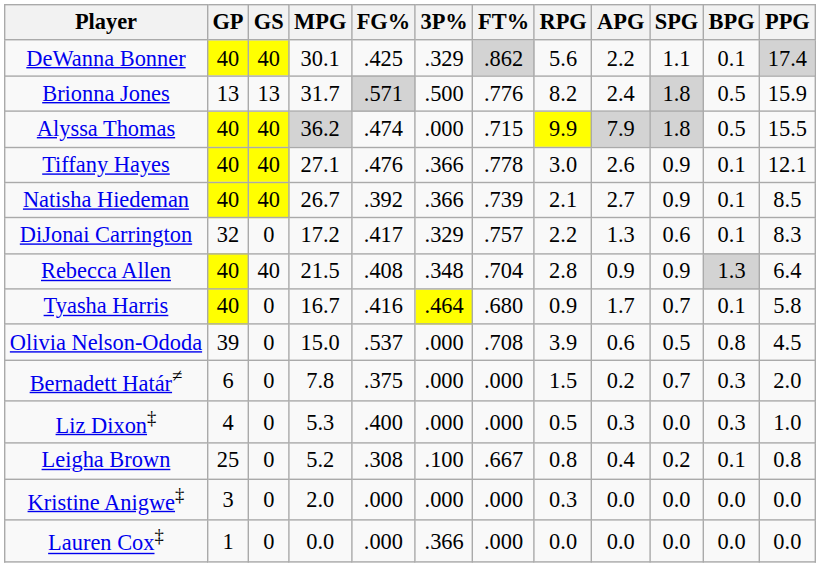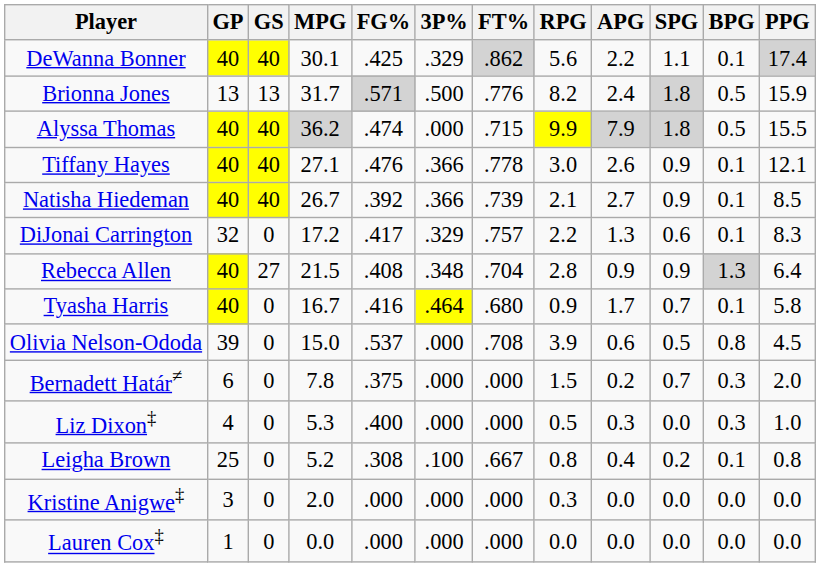 <table class="wikitable sortable" style="text-align:center;">
 <tr>
 <th>Player</th>
 <th>GP</th>
 <th>GS</th>
 <th>MPG</th>
 <th>FG%</th>
 <th>3P%</th>
 <th>FT%</th>
 <th>RPG</th>
 <th>APG</th>
 <th>SPG</th>
 <th>BPG</th>
 <th>PPG</th>
 </tr>
 <tr>
 <td><a href='#'>DeWanna Bonner</a></td>
 <td style="background:yellow;">40</td>
 <td style="background:yellow;">40</td>
 <td>30.1</td>
 <td>.425</td>
 <td>.329</td>
 <td style="background:#D3D3D3;">.862</td>
 <td>5.6</td>
 <td>2.2</td>
 <td>1.1</td>
 <td>0.1</td>
 <td style="background:#D3D3D3;">17.4</td>
 </tr>
 <tr>
 <td><a href='#'>Brionna Jones</a></td>
 <td>13</td>
 <td>13</td>
 <td>31.7</td>
 <td style="background:#D3D3D3;">.571</td>
 <td>.500</td>
 <td>.776</td>
 <td>8.2</td>
 <td>2.4</td>
 <td style="background:#D3D3D3;">1.8</td>
 <td>0.5</td>
 <td>15.9</td>
 </tr>
 <tr>
 <td><a href='#'>Alyssa Thomas</a></td>
 <td style="background:yellow;">40</td>
 <td style="background:yellow;">40</td>
 <td style="background:#D3D3D3;">36.2</td>
 <td>.474</td>
 <td>.000</td>
 <td>.715</td>
 <td style="background:yellow;">9.9</td>
 <td style="background:#D3D3D3;">7.9</td>
 <td style="background:#D3D3D3;">1.8</td>
 <td>0.5</td>
 <td>15.5</td>
 </tr>
 <tr>
 <td><a href='#'>Tiffany Hayes</a></td>
 <td style="background:yellow;">40</td>
 <td style="background:yellow;">40</td>
 <td>27.1</td>
 <td>.476</td>
 <td>.366</td>
 <td>.778</td>
 <td>3.0</td>
 <td>2.6</td>
 <td>0.9</td>
 <td>0.1</td>
 <td>12.1</td>
 </tr>
 <tr>
 <td><a href='#'>Natisha Hiedeman</a></td>
 <td style="background:yellow;">40</td>
 <td style="background:yellow;">40</td>
 <td>26.7</td>
 <td>.392</td>
 <td>.366</td>
 <td>.739</td>
 <td>2.1</td>
 <td>2.7</td>
 <td>0.9</td>
 <td>0.1</td>
 <td>8.5</td>
 </tr>
 <tr>
 <td><a href='#'>DiJonai Carrington</a></td>
 <td>32</td>
 <td>0</td>
 <td>17.2</td>
 <td>.417</td>
 <td>.329</td>
 <td>.757</td>
 <td>2.2</td>
 <td>1.3</td>
 <td>0.6</td>
 <td>0.1</td>
 <td>8.3</td>
 </tr>
 <tr>
 <td><a href='#'>Rebecca Allen</a></td>
 <td style="background:yellow;">40</td>
-<td>40</td>
+<td>27</td>
 <td>21.5</td>
 <td>.408</td>
 <td>.348</td>
 <td>.704</td>
 <td>2.8</td>
 <td>0.9</td>
 <td>0.9</td>
 <td style="background:#D3D3D3;">1.3</td>
 <td>6.4</td>
 </tr>
 <tr>
 <td><a href='#'>Tyasha Harris</a></td>
 <td style="background:yellow;">40</td>
 <td>0</td>
 <td>16.7</td>
 <td>.416</td>
 <td style="background:yellow;">.464</td>
 <td>.680</td>
 <td>0.9</td>
 <td>1.7</td>
 <td>0.7</td>
 <td>0.1</td>
 <td>5.8</td>
 </tr>
 <tr>
 <td><a href='#'>Olivia Nelson-Ododa</a></td>
 <td>39</td>
 <td>0</td>
 <td>15.0</td>
 <td>.537</td>
 <td>.000</td>
 <td>.708</td>
 <td>3.9</td>
 <td>0.6</td>
 <td>0.5</td>
 <td>0.8</td>
 <td>4.5</td>
 </tr>
 <tr>
 <td><a href='#'>Bernadett Határ</a><sup>≠</sup></td>
 <td>6</td>
 <td>0</td>
 <td>7.8</td>
 <td>.375</td>
 <td>.000</td>
 <td>.000</td>
 <td>1.5</td>
 <td>0.2</td>
 <td>0.7</td>
 <td>0.3</td>
 <td>2.0</td>
 </tr>
 <tr>
 <td><a href='#'>Liz Dixon</a><sup>‡</sup></td>
 <td>4</td>
 <td>0</td>
 <td>5.3</td>
 <td>.400</td>
 <td>.000</td>
 <td>.000</td>
 <td>0.5</td>
 <td>0.3</td>
 <td>0.0</td>
 <td>0.3</td>
 <td>1.0</td>
 </tr>
 <tr>
 <td><a href='#'>Leigha Brown</a></td>
 <td>25</td>
 <td>0</td>
 <td>5.2</td>
 <td>.308</td>
 <td>.100</td>
 <td>.667</td>
 <td>0.8</td>
 <td>0.4</td>
 <td>0.2</td>
 <td>0.1</td>
 <td>0.8</td>
 </tr>
 <tr>
 <td><a href='#'>Kristine Anigwe</a><sup>‡</sup></td>
 <td>3</td>
 <td>0</td>
 <td>2.0</td>
 <td>.000</td>
 <td>.000</td>
 <td>.000</td>
 <td>0.3</td>
 <td>0.0</td>
 <td>0.0</td>
 <td>0.0</td>
 <td>0.0</td>
 </tr>
 <tr>
 <td><a href='#'>Lauren Cox</a><sup>‡</sup></td>
 <td>1</td>
 <td>0</td>
 <td>0.0</td>
 <td>.000</td>
-<td>.366</td>
+<td>.000</td>
 <td>.000</td>
 <td>0.0</td>
 <td>0.0</td>
 <td>0.0</td>
 <td>0.0</td>
 <td>0.0</td>
 </tr>
 </table>
